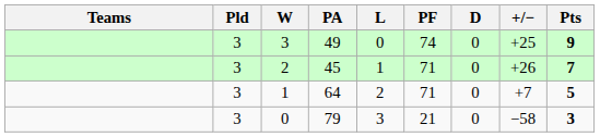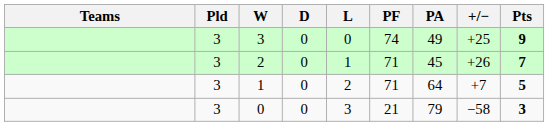 <table class="wikitable" style="text-align: center;">
 <tr>
 <th width="200">Teams</th>
 <th width="40">Pld</th>
 <th width="40">W</th>
-<th width="40">PA</th>
+<th width="40">D</th>
 <th width="40">L</th>
 <th width="40">PF</th>
-<th width="40">D</th>
+<th width="40">PA</th>
 <th width="40">+/−</th>
 <th width="40">Pts</th>
 </tr>
 <tr bgcolor=ccffcc>
 <td align=left></td>
 <td>3</td>
 <td>3</td>
-<td>49</td>
+<td>0</td>
 <td>0</td>
 <td>74</td>
-<td>0</td>
+<td>49</td>
 <td>+25</td>
 <td><strong>9</strong></td>
 </tr>
 <tr bgcolor=ccffcc>
 <td align=left></td>
 <td>3</td>
 <td>2</td>
-<td>45</td>
+<td>0</td>
 <td>1</td>
 <td>71</td>
-<td>0</td>
+<td>45</td>
 <td>+26</td>
 <td><strong>7</strong></td>
 </tr>
 <tr>
 <td align=left></td>
 <td>3</td>
 <td>1</td>
-<td>64</td>
+<td>0</td>
 <td>2</td>
 <td>71</td>
-<td>0</td>
+<td>64</td>
 <td>+7</td>
 <td><strong>5</strong></td>
 </tr>
 <tr>
 <td align=left></td>
 <td>3</td>
 <td>0</td>
-<td>79</td>
+<td>0</td>
 <td>3</td>
 <td>21</td>
-<td>0</td>
+<td>79</td>
 <td>−58</td>
 <td><strong>3</strong></td>
 </tr>
 </table>
